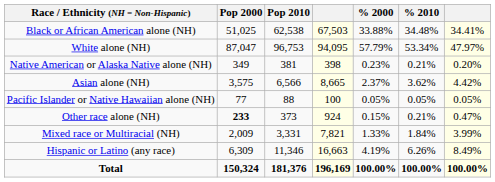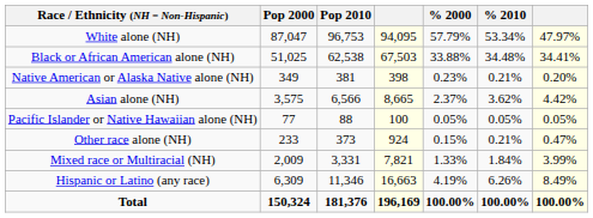 <table class="wikitable" style="text-align:center;">
 <tr>
 <th>Race / Ethnicity <small>(<em>NH = Non-Hispanic</em>)</small></th>
 <th>Pop 2000</th>
 <th>Pop 2010</th>
 <th></th>
 <th>% 2000</th>
 <th>% 2010</th>
 <th></th>
 </tr>
 <tr>
+<td><a href='#'>White</a> alone (NH)</td>
+<td>87,047</td>
+<td>96,753</td>
+<td style='background: #ffffe6;'>94,095</td>
+<td>57.79%</td>
+<td>53.34%</td>
+<td style='background: #ffffe6;'>47.97%</td>
+</tr>
+<tr>
 <td><a href='#'>Black or African American</a> alone (NH)</td>
 <td>51,025</td>
 <td>62,538</td>
 <td style='background: #ffffe6;'>67,503</td>
 <td>33.88%</td>
 <td>34.48%</td>
 <td style='background: #ffffe6;'>34.41%</td>
-</tr>
-<tr>
-<td><a href='#'>White</a> alone (NH)</td>
-<td>87,047</td>
-<td>96,753</td>
-<td style='background: #ffffe6;'>94,095</td>
-<td>57.79%</td>
-<td>53.34%</td>
-<td style='background: #ffffe6;'>47.97%</td>
 </tr>
 <tr>
 <td><a href='#'>Native American</a> or <a href='#'>Alaska Native</a> alone (NH)</td>
 <td>349</td>
 <td>381</td>
 <td style='background: #ffffe6;'>398</td>
 <td>0.23%</td>
 <td>0.21%</td>
 <td style='background: #ffffe6;'>0.20%</td>
 </tr>
 <tr>
 <td><a href='#'>Asian</a> alone (NH)</td>
 <td>3,575</td>
 <td>6,566</td>
 <td style='background: #ffffe6;'>8,665</td>
 <td>2.37%</td>
 <td>3.62%</td>
 <td style='background: #ffffe6;'>4.42%</td>
 </tr>
 <tr>
 <td><a href='#'>Pacific Islander</a> or <a href='#'>Native Hawaiian</a> alone (NH)</td>
 <td>77</td>
 <td>88</td>
 <td style='background: #ffffe6;'>100</td>
 <td>0.05%</td>
 <td>0.05%</td>
 <td style='background: #ffffe6;'>0.05%</td>
 </tr>
 <tr>
 <td><a href='#'>Other race</a> alone (NH)</td>
-<td><strong>233</strong></td>
+<td>233</td>
 <td>373</td>
 <td style='background: #ffffe6;'>924</td>
 <td>0.15%</td>
 <td>0.21%</td>
 <td style='background: #ffffe6;'>0.47%</td>
 </tr>
 <tr>
 <td><a href='#'>Mixed race or Multiracial</a> (NH)</td>
 <td>2,009</td>
 <td>3,331</td>
 <td style='background: #ffffe6;'>7,821</td>
 <td>1.33%</td>
 <td>1.84%</td>
 <td style='background: #ffffe6;'>3.99%</td>
 </tr>
 <tr>
 <td><a href='#'>Hispanic or Latino</a> (any race)</td>
 <td>6,309</td>
 <td>11,346</td>
 <td style='background: #ffffe6;'>16,663</td>
 <td>4.19%</td>
 <td>6.26%</td>
 <td style='background: #ffffe6;'>8.49%</td>
 </tr>
 <tr>
 <td><strong>Total</strong></td>
 <td><strong>150,324</strong></td>
 <td><strong>181,376</strong></td>
 <td style='background: #ffffe6;'><strong>196,169</strong></td>
 <td><strong>100.00%</strong></td>
 <td><strong>100.00%</strong></td>
 <td style='background: #ffffe6;'><strong>100.00%</strong></td>
 </tr>
 </table>
